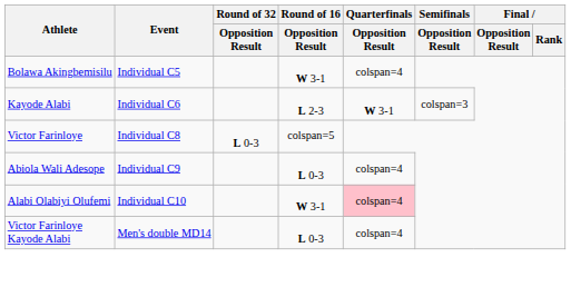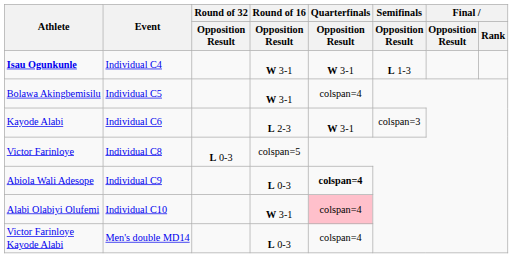 <table class=wikitable style="font-size:90%">
 <tr align=center>
 <th rowspan="2">Athlete</th>
 <th rowspan="2">Event</th>
 <th>Round of 32</th>
 <th>Round of 16</th>
 <th>Quarterfinals</th>
 <th>Semifinals</th>
 <th colspan="2">Final / </th>
 </tr>
 <tr>
 <th>Opposition<br>Result</th>
 <th>Opposition<br>Result</th>
 <th>Opposition<br>Result</th>
 <th>Opposition<br>Result</th>
 <th>Opposition<br>Result</th>
 <th>Rank</th>
+</tr>
+<tr align=center>
+<td align=left><strong><a href='#'>Isau Ogunkunle</a></strong></td>
+<td align=left><a href='#'>Individual C4</a></td>
+<td></td>
+<td><br><strong>W</strong> 3-1</td>
+<td><br><strong>W</strong> 3-1</td>
+<td><br><strong>L</strong> 1-3</td>
+<td></td>
+<td></td>
 </tr>
 <tr align=center>
 <td align=left><a href='#'>Bolawa Akingbemisilu</a></td>
 <td align=left><a href='#'>Individual C5</a></td>
 <td></td>
 <td><br><strong>W</strong> 3-1</td>
 <td>colspan=4 </td>
 </tr>
 <tr align=center>
 <td align=left><a href='#'>Kayode Alabi</a></td>
 <td align=left><a href='#'>Individual C6</a></td>
 <td></td>
 <td><br><strong>L</strong> 2-3</td>
 <td><br><strong>W</strong> 3-1</td>
 <td>colspan=3 </td>
 </tr>
 <tr align=center>
 <td align=left><a href='#'>Victor Farinloye</a></td>
 <td align=left><a href='#'>Individual C8</a></td>
 <td><br><strong>L</strong> 0-3</td>
 <td>colspan=5 </td>
 </tr>
 <tr align=center>
 <td align=left><a href='#'>Abiola Wali Adesope</a></td>
 <td align=left><a href='#'>Individual C9</a></td>
 <td></td>
 <td><br><strong>L</strong> 0-3</td>
-<td>colspan=4 </td>
+<td><strong>colspan=4 </strong></td>
 </tr>
 <tr align=center>
 <td align=left><a href='#'>Alabi Olabiyi Olufemi</a></td>
 <td align=left><a href='#'>Individual C10</a></td>
 <td></td>
 <td><br><strong>W</strong> 3-1</td>
 <td style="background: pink;">colspan=4 </td>
 </tr>
 <tr align=center>
 <td align=left><a href='#'>Victor Farinloye</a><br><a href='#'>Kayode Alabi</a></td>
 <td align=left><a href='#'>Men's double MD14</a></td>
 <td></td>
 <td><br><strong>L</strong> 0-3</td>
 <td>colspan=4 </td>
 </tr>
 </table>
